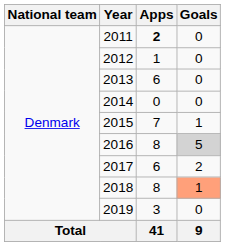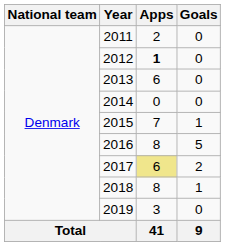 <table class="wikitable" style="text-align:center">
 <tr>
 <th>National team</th>
 <th>Year</th>
 <th>Apps</th>
 <th>Goals</th>
 </tr>
 <tr>
 <td rowspan="9"><a href='#'>Denmark</a></td>
 <td>2011</td>
-<td><strong>2</strong></td>
+<td>2</td>
 <td>0</td>
 </tr>
 <tr>
 <td>2012</td>
-<td>1</td>
+<td><strong>1</strong></td>
 <td>0</td>
 </tr>
 <tr>
 <td>2013</td>
 <td>6</td>
 <td>0</td>
 </tr>
 <tr>
 <td>2014</td>
 <td>0</td>
 <td>0</td>
 </tr>
 <tr>
 <td>2015</td>
 <td>7</td>
 <td>1</td>
 </tr>
 <tr>
 <td>2016</td>
 <td>8</td>
-<td style="background: lightgrey;">5</td>
+<td>5</td>
 </tr>
 <tr>
 <td>2017</td>
-<td>6</td>
+<td style="background: khaki;">6</td>
 <td>2</td>
 </tr>
 <tr>
 <td>2018</td>
 <td>8</td>
-<td style="background: lightsalmon;">1</td>
+<td>1</td>
 </tr>
 <tr>
 <td>2019</td>
 <td>3</td>
 <td>0</td>
 </tr>
 <tr>
 <th colspan="2">Total</th>
 <th>41</th>
 <th>9</th>
 </tr>
 </table>
